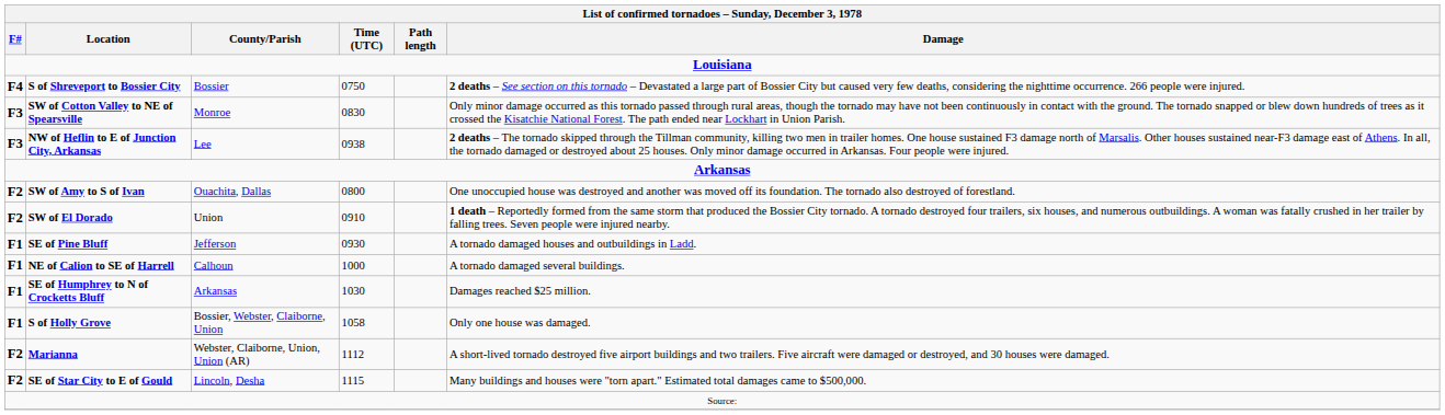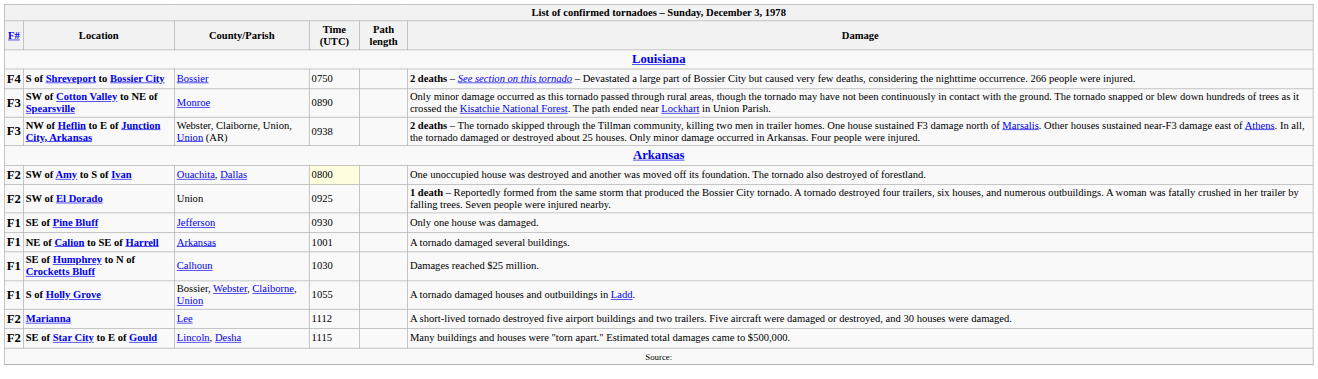 <table class="wikitable collapsible" style="width:100%;">
 <tr>
 <th colspan="6">List of confirmed tornadoes – Sunday, December 3, 1978</th>
 </tr>
 <tr>
 <th><a href='#'>F#</a></th>
 <th>Location</th>
 <th>County/Parish</th>
 <th>Time (UTC)</th>
 <th>Path length</th>
 <th>Damage</th>
 </tr>
 <tr>
 <td colspan="7" style="text-align:center;"><big><strong><a href='#'>Louisiana</a></strong></big></td>
 </tr>
 <tr>
 <td><big><strong>F4</strong></big></td>
 <td><strong>S of <a href='#'>Shreveport</a> to <a href='#'>Bossier City</a></strong></td>
 <td><a href='#'>Bossier</a></td>
 <td>0750</td>
 <td></td>
 <td><strong>2 deaths</strong> – <em><a href='#'>See section on this tornado</a></em> – Devastated a large part of Bossier City but caused very few deaths, considering the nighttime occurrence. 266 people were injured.</td>
 </tr>
 <tr>
 <td><big><strong>F3</strong></big></td>
 <td><strong>SW of <a href='#'>Cotton Valley</a> to NE of <a href='#'>Spearsville</a></strong></td>
 <td><a href='#'>Monroe</a></td>
-<td>0830</td>
+<td>0890</td>
 <td></td>
 <td>Only minor damage occurred as this tornado passed through rural areas, though the tornado may have not been continuously in contact with the ground. The tornado snapped or blew down hundreds of trees as it crossed the <a href='#'>Kisatchie National Forest</a>. The path ended near <a href='#'>Lockhart</a> in Union Parish.</td>
 </tr>
 <tr>
 <td><big><strong>F3</strong></big></td>
 <td><strong>NW of <a href='#'>Heflin</a> to E of <a href='#'>Junction City, Arkansas</a></strong></td>
-<td><a href='#'>Lee</a></td>
+<td>Webster, Claiborne, Union, <a href='#'>Union</a> (AR)</td>
 <td>0938</td>
 <td></td>
 <td><strong>2 deaths</strong> – The tornado skipped through the Tillman community, killing two men in trailer homes. One house sustained F3 damage north of <a href='#'>Marsalis</a>. Other houses sustained near-F3 damage east of <a href='#'>Athens</a>. In all, the tornado damaged or destroyed about 25 houses. Only minor damage occurred in Arkansas. Four people were injured.</td>
 </tr>
 <tr>
 <td colspan="7" style="text-align:center;"><big><strong><a href='#'>Arkansas</a></strong></big></td>
 </tr>
 <tr>
 <td><big><strong>F2</strong></big></td>
 <td><strong>SW of <a href='#'>Amy</a> to S of <a href='#'>Ivan</a></strong></td>
 <td><a href='#'>Ouachita</a>, <a href='#'>Dallas</a></td>
-<td>0800</td>
+<td style="background: lightyellow;">0800</td>
 <td></td>
 <td>One unoccupied house was destroyed and another was moved  off its foundation. The tornado also destroyed  of forestland.</td>
 </tr>
 <tr>
 <td><big><strong>F2</strong></big></td>
 <td><strong>SW of <a href='#'>El Dorado</a></strong></td>
 <td>Union</td>
-<td>0910</td>
+<td>0925</td>
 <td></td>
 <td><strong>1 death</strong> – Reportedly formed from the same storm that produced the Bossier City tornado. A tornado destroyed four trailers, six houses, and numerous outbuildings. A woman was fatally crushed in her trailer by falling trees. Seven people were injured nearby.</td>
 </tr>
 <tr>
 <td><big><strong>F1</strong></big></td>
 <td><strong>SE of <a href='#'>Pine Bluff</a></strong></td>
 <td><a href='#'>Jefferson</a></td>
 <td>0930</td>
 <td></td>
-<td>A tornado damaged houses and outbuildings in <a href='#'>Ladd</a>.</td>
+<td>Only one house was damaged.</td>
 </tr>
 <tr>
 <td><big><strong>F1</strong></big></td>
 <td><strong>NE of <a href='#'>Calion</a> to SE of <a href='#'>Harrell</a></strong></td>
-<td><a href='#'>Calhoun</a></td>
-<td>1000</td>
+<td><a href='#'>Arkansas</a></td>
+<td>1001</td>
 <td></td>
 <td>A tornado damaged several buildings.</td>
 </tr>
 <tr>
 <td><big><strong>F1</strong></big></td>
 <td><strong>SE of <a href='#'>Humphrey</a> to N of <a href='#'>Crocketts Bluff</a></strong></td>
-<td><a href='#'>Arkansas</a></td>
+<td><a href='#'>Calhoun</a></td>
 <td>1030</td>
 <td></td>
 <td>Damages reached $25 million.</td>
 </tr>
 <tr>
 <td><big><strong>F1</strong></big></td>
 <td><strong>S of <a href='#'>Holly Grove</a></strong></td>
 <td>Bossier, <a href='#'>Webster</a>, <a href='#'>Claiborne</a>, <a href='#'>Union</a></td>
-<td>1058</td>
+<td>1055</td>
 <td></td>
-<td>Only one house was damaged.</td>
+<td>A tornado damaged houses and outbuildings in <a href='#'>Ladd</a>.</td>
 </tr>
 <tr>
 <td><big><strong>F2</strong></big></td>
 <td><strong><a href='#'>Marianna</a></strong></td>
-<td>Webster, Claiborne, Union, <a href='#'>Union</a> (AR)</td>
+<td><a href='#'>Lee</a></td>
 <td>1112</td>
 <td></td>
 <td>A short-lived tornado destroyed five airport buildings and two trailers. Five aircraft were damaged or destroyed, and 30 houses were damaged.</td>
 </tr>
 <tr>
 <td><big><strong>F2</strong></big></td>
 <td><strong>SE of <a href='#'>Star City</a> to E of <a href='#'>Gould</a></strong></td>
 <td><a href='#'>Lincoln</a>, <a href='#'>Desha</a></td>
 <td>1115</td>
 <td></td>
 <td>Many buildings and houses were "torn apart." Estimated total damages came to $500,000.</td>
 </tr>
 <tr>
 <td colspan="7" align=center><small>Source: </small></td>
 </tr>
 <tr>
 </tr>
 </table>
